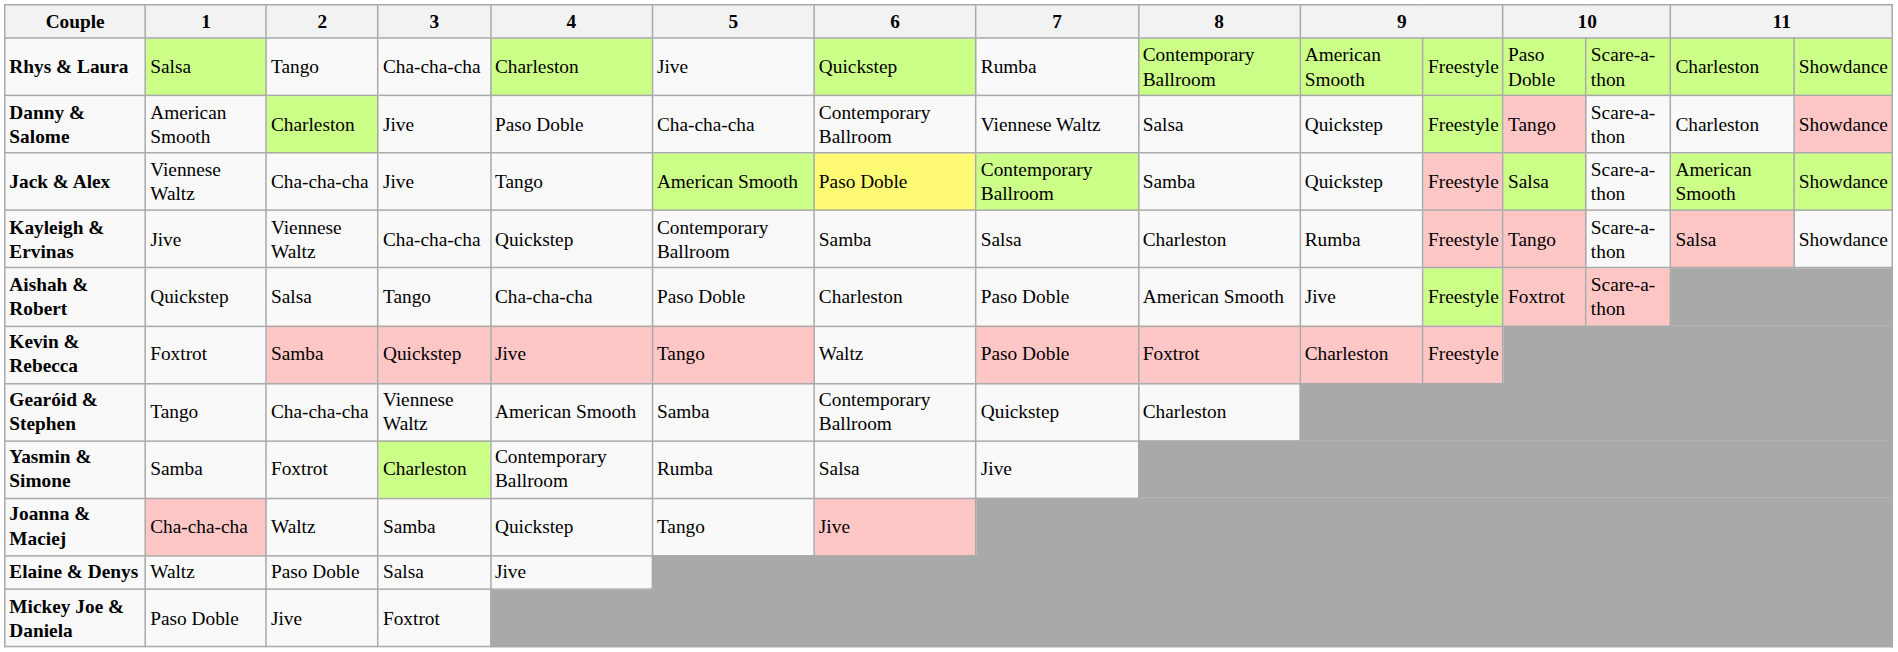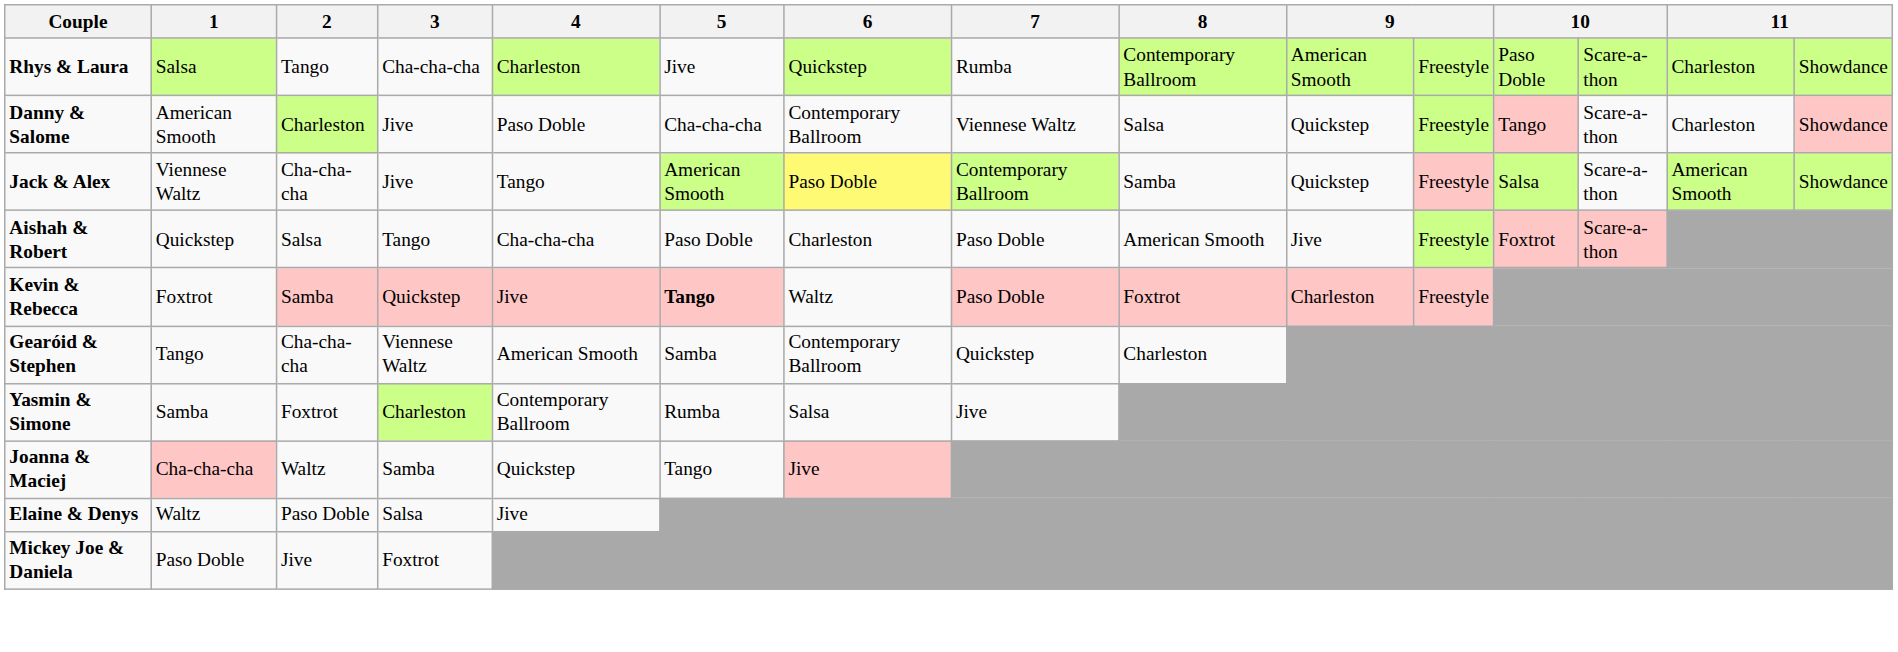 <table class="wikitable" style="text-align:left; font-size:80%; line-height:16px;">
 <tr>
 <th>Couple</th>
 <th>1</th>
 <th>2</th>
 <th>3</th>
 <th>4</th>
 <th>5</th>
 <th>6</th>
 <th>7</th>
 <th>8</th>
 <th colspan="2">9</th>
 <th colspan="2">10</th>
 <th colspan="2">11</th>
 </tr>
 <tr>
 <td><strong>Rhys & Laura</strong></td>
 <td bgcolor="ccff88">Salsa</td>
 <td>Tango</td>
 <td>Cha-cha-cha</td>
 <td bgcolor="ccff88">Charleston</td>
 <td>Jive</td>
 <td bgcolor="ccff88">Quickstep</td>
 <td>Rumba</td>
 <td bgcolor="ccff88">Contemporary Ballroom</td>
 <td bgcolor="ccff88">American Smooth</td>
 <td bgcolor="ccff88">Freestyle<br></td>
 <td bgcolor="ccff88">Paso Doble</td>
 <td bgcolor="ccff88">Scare-a-thon</td>
 <td bgcolor="ccff88">Charleston</td>
 <td bgcolor="ccff88">Showdance</td>
 </tr>
 <tr>
 <td><strong>Danny & Salome</strong></td>
 <td>American Smooth</td>
 <td bgcolor="ccff88">Charleston</td>
 <td>Jive</td>
 <td>Paso Doble</td>
 <td>Cha-cha-cha</td>
 <td>Contemporary Ballroom</td>
 <td>Viennese Waltz</td>
 <td>Salsa</td>
 <td>Quickstep</td>
 <td bgcolor="ccff88">Freestyle<br></td>
 <td bgcolor="ffc6c6">Tango</td>
 <td>Scare-a-thon</td>
 <td>Charleston</td>
 <td bgcolor="ffc6c6">Showdance</td>
 </tr>
 <tr>
 <td><strong>Jack & Alex</strong></td>
 <td>Viennese Waltz</td>
 <td>Cha-cha-cha</td>
 <td>Jive</td>
 <td>Tango</td>
 <td bgcolor="ccff88">American Smooth</td>
 <td bgcolor="#fffa73">Paso Doble</td>
 <td bgcolor="ccff88">Contemporary Ballroom</td>
 <td>Samba</td>
 <td>Quickstep</td>
 <td bgcolor="ffc6c6">Freestyle<br></td>
 <td bgcolor="ccff88">Salsa</td>
 <td>Scare-a-thon</td>
 <td bgcolor="ccff88">American Smooth</td>
 <td bgcolor="ccff88">Showdance</td>
 </tr>
 <tr>
-<td><strong>Kayleigh & Ervinas</strong></td>
-<td>Jive</td>
-<td>Viennese Waltz</td>
-<td>Cha-cha-cha</td>
-<td>Quickstep</td>
-<td>Contemporary Ballroom</td>
-<td>Samba</td>
-<td>Salsa</td>
-<td>Charleston</td>
-<td>Rumba</td>
-<td bgcolor="ffc6c6">Freestyle<br></td>
-<td bgcolor="ffc6c6">Tango</td>
-<td>Scare-a-thon</td>
-<td bgcolor="ffc6c6">Salsa</td>
-<td>Showdance</td>
-</tr>
-<tr>
 <td><strong>Aishah & Robert</strong></td>
 <td>Quickstep</td>
 <td>Salsa</td>
 <td>Tango</td>
 <td>Cha-cha-cha</td>
 <td>Paso Doble</td>
 <td>Charleston</td>
 <td>Paso Doble</td>
 <td>American Smooth</td>
 <td>Jive</td>
 <td bgcolor="ccff88">Freestyle<br></td>
 <td bgcolor="ffc6c6">Foxtrot</td>
 <td bgcolor="ffc6c6">Scare-a-thon</td>
 <td colspan="2"style="background:darkgrey;"></td>
 </tr>
 <tr>
 <td><strong>Kevin & Rebecca</strong></td>
 <td>Foxtrot</td>
 <td bgcolor="ffc6c6">Samba</td>
 <td bgcolor="ffc6c6">Quickstep</td>
 <td bgcolor="ffc6c6">Jive</td>
-<td bgcolor="ffc6c6">Tango</td>
+<td bgcolor="ffc6c6"><strong>Tango</strong></td>
 <td>Waltz</td>
 <td bgcolor="ffc6c6">Paso Doble</td>
 <td bgcolor="ffc6c6">Foxtrot</td>
 <td bgcolor="ffc6c6">Charleston</td>
 <td bgcolor="ffc6c6">Freestyle<br></td>
 <td colspan="4" style="background:darkgrey;"></td>
 </tr>
 <tr>
 <td><strong>Gearóid & Stephen</strong></td>
 <td>Tango</td>
 <td>Cha-cha-cha</td>
 <td>Viennese Waltz</td>
 <td>American Smooth</td>
 <td>Samba</td>
 <td>Contemporary Ballroom</td>
 <td>Quickstep</td>
 <td>Charleston</td>
 <td colspan="6" style="background:darkgrey;"></td>
 </tr>
 <tr>
 <td><strong>Yasmin & Simone</strong></td>
 <td>Samba</td>
 <td>Foxtrot</td>
 <td bgcolor="ccff88">Charleston</td>
 <td>Contemporary Ballroom</td>
 <td>Rumba</td>
 <td>Salsa</td>
 <td>Jive</td>
 <td colspan="7" style="background:darkgrey;"></td>
 </tr>
 <tr>
 <td><strong>Joanna & Maciej</strong></td>
 <td bgcolor="ffc6c6">Cha-cha-cha</td>
 <td>Waltz</td>
 <td>Samba</td>
 <td>Quickstep</td>
 <td>Tango</td>
 <td bgcolor="ffc6c6">Jive</td>
 <td colspan="8" style="background:darkgrey;"></td>
 </tr>
 <tr>
 <td><strong>Elaine & Denys</strong></td>
 <td>Waltz</td>
 <td>Paso Doble</td>
 <td>Salsa</td>
 <td>Jive</td>
 <td colspan="10" style="background:darkgrey;"></td>
 </tr>
 <tr>
 <td><strong>Mickey Joe & Daniela</strong></td>
 <td>Paso Doble</td>
 <td>Jive</td>
 <td>Foxtrot</td>
 <td colspan="11" style="background:darkgrey;"></td>
 </tr>
 </table>
